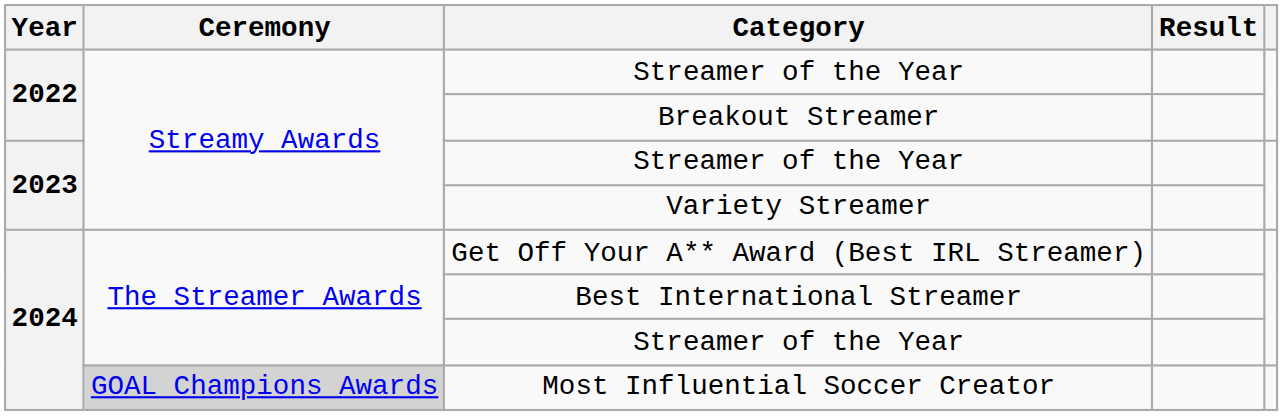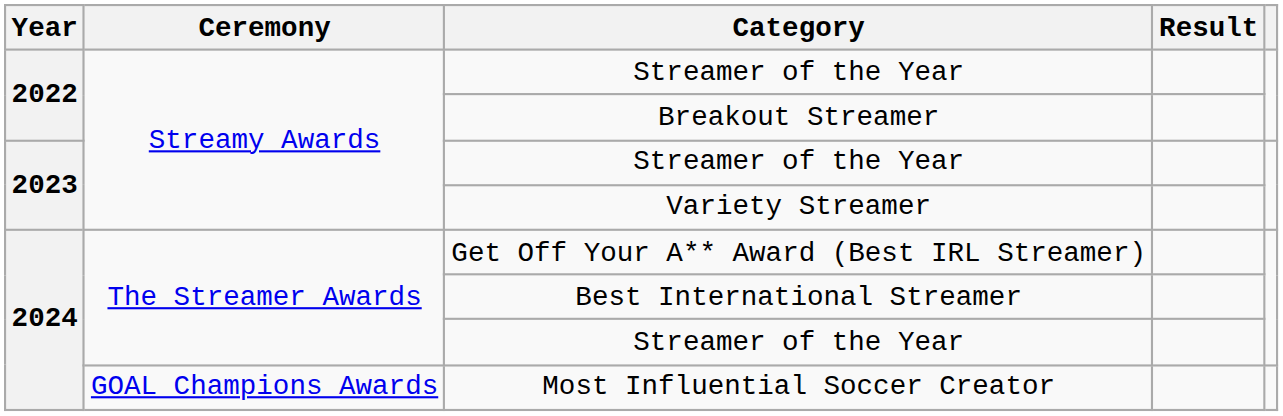 <table class="wikitable plainrowheaders" style="text-align:center;">
 <tr>
 <th>Year</th>
 <th>Ceremony</th>
 <th>Category</th>
 <th>Result</th>
 <th></th>
 </tr>
 <tr>
 <th scope="row" rowspan="2">2022</th>
 <td rowspan="4"><a href='#'>Streamy Awards</a></td>
 <td>Streamer of the Year</td>
 <td></td>
 <td rowspan="2"></td>
 </tr>
 <tr>
 <td>Breakout Streamer</td>
 <td></td>
 </tr>
 <tr>
 <th scope="row" rowspan="2">2023</th>
 <td>Streamer of the Year</td>
 <td></td>
 <td rowspan="2"></td>
 </tr>
 <tr>
 <td>Variety Streamer</td>
 <td></td>
 </tr>
 <tr>
 <th rowspan="4" scope="row">2024</th>
 <td rowspan="3"><a href='#'>The Streamer Awards</a></td>
 <td>Get Off Your A** Award (Best IRL Streamer)</td>
 <td></td>
 <td rowspan="3"></td>
 </tr>
 <tr>
 <td>Best International Streamer</td>
 <td></td>
 </tr>
 <tr>
 <td>Streamer of the Year</td>
 <td></td>
 </tr>
 <tr>
-<td style="background: lightgrey;"><a href='#'>GOAL Champions Awards</a></td>
+<td><a href='#'>GOAL Champions Awards</a></td>
 <td>Most Influential Soccer Creator</td>
 <td></td>
 <td></td>
 </tr>
 </table>
